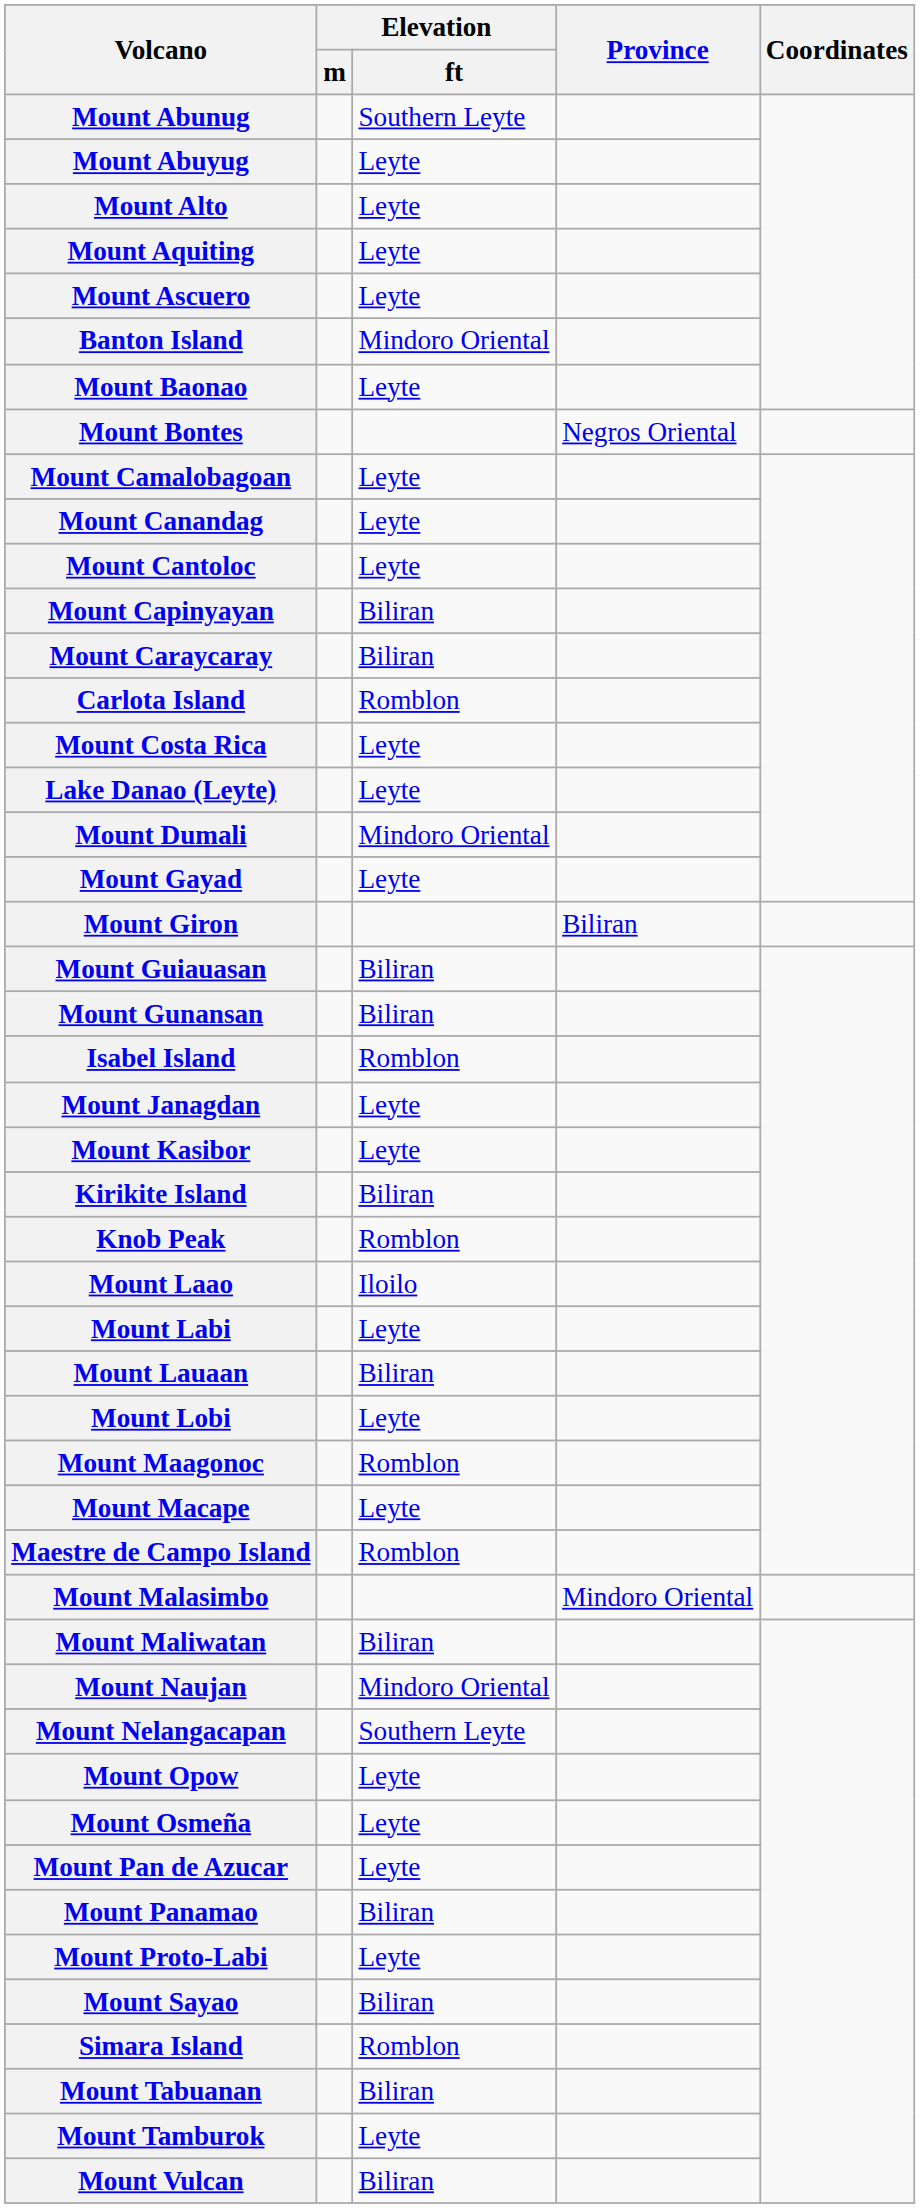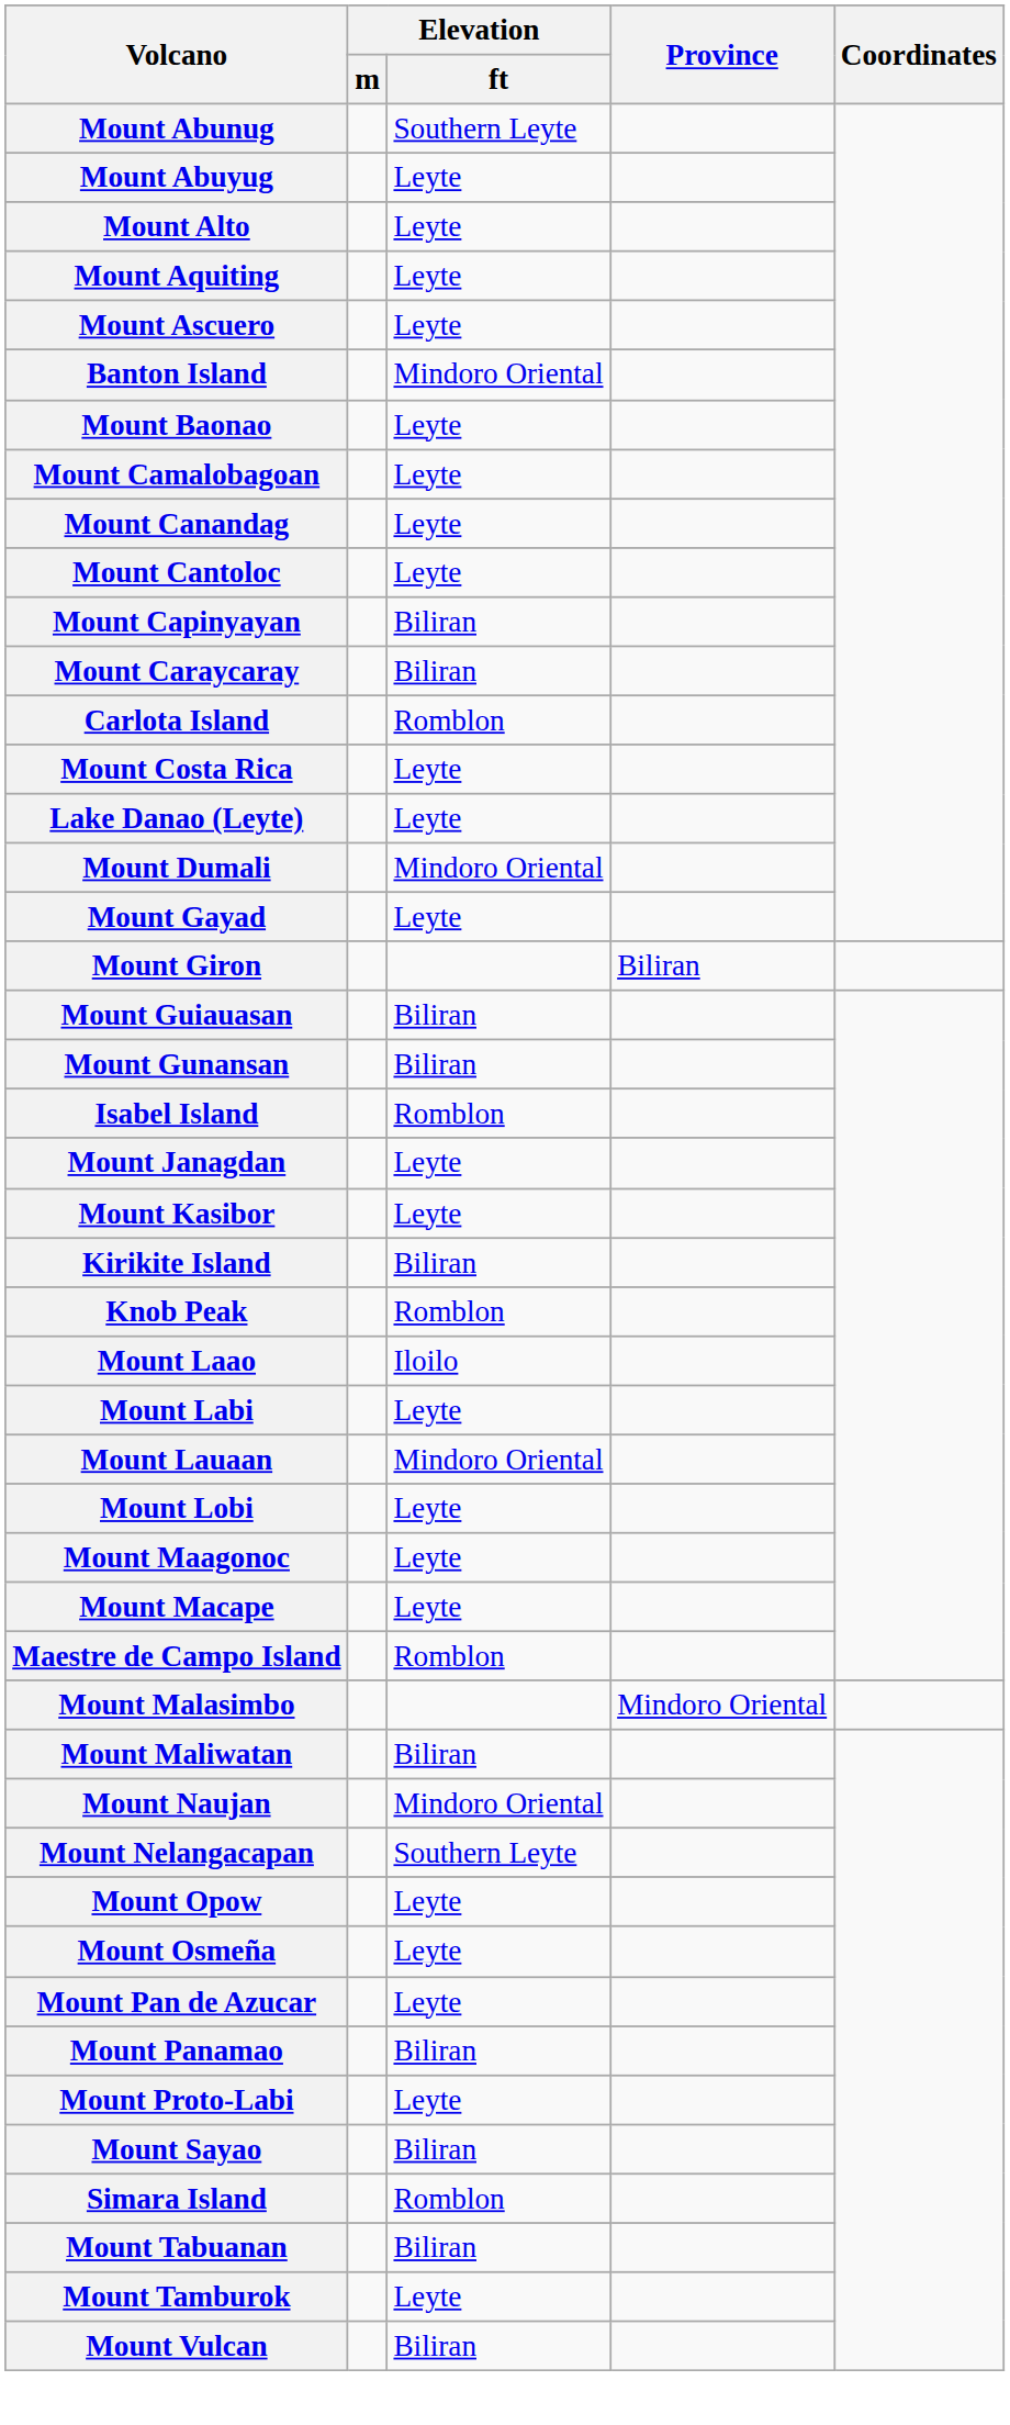 <table class="wikitable sortable plainrowheaders" style="font-size:95%;">
 <tr>
 <th scope="col" rowspan="2">Volcano</th>
 <th scope="col" colspan="2" class="unsortable">Elevation </th>
 <th scope="col" rowspan="2"><a href='#'>Province</a></th>
 <th scope="col" rowspan="2" data-sort-type="number">Coordinates</th>
 </tr>
 <tr>
 <th data-sort-type="number" style="NONE-right:0;">m</th>
 <th class="unsortable" data-sort-type="number" style="NONE-left:0;">ft</th>
 </tr>
 <tr>
 <th scope="row" data-sort-value="Abunug"><a href='#'>Mount Abunug</a></th>
 <td></td>
 <td><a href='#'>Southern Leyte</a></td>
 <td></td>
 </tr>
 <tr>
 <th scope="row" data-sort-value="Abuyug"><a href='#'>Mount Abuyug</a></th>
 <td></td>
 <td><a href='#'>Leyte</a></td>
 <td></td>
 </tr>
 <tr>
 <th scope="row" data-sort-value="Alto"><a href='#'>Mount Alto</a></th>
 <td></td>
 <td><a href='#'>Leyte</a></td>
 <td></td>
 </tr>
 <tr>
 <th scope="row" data-sort-value="Aquiting"><a href='#'>Mount Aquiting</a></th>
 <td></td>
 <td><a href='#'>Leyte</a></td>
 <td></td>
 </tr>
 <tr>
 <th scope="row" data-sort-value="Ascuero"><a href='#'>Mount Ascuero</a></th>
 <td></td>
 <td><a href='#'>Leyte</a></td>
 <td></td>
 </tr>
 <tr>
 <th scope="row"><a href='#'>Banton Island</a></th>
 <td></td>
 <td><a href='#'>Mindoro Oriental</a></td>
 <td></td>
 </tr>
 <tr>
 <th scope="row" data-sort-value="Baonao"><a href='#'>Mount Baonao</a></th>
 <td></td>
 <td><a href='#'>Leyte</a></td>
-<td></td>
-</tr>
-<tr>
-<th scope="row" data-sort-value="Bontes"><a href='#'>Mount Bontes</a></th>
-<td></td>
-<td></td>
-<td><a href='#'>Negros Oriental</a></td>
 <td></td>
 </tr>
 <tr>
 <th scope="row" data-sort-value="Camalobagoan"><a href='#'>Mount Camalobagoan</a></th>
 <td></td>
 <td><a href='#'>Leyte</a></td>
 <td></td>
 </tr>
 <tr>
 <th scope="row" data-sort-value="Canandag"><a href='#'>Mount Canandag</a></th>
 <td></td>
 <td><a href='#'>Leyte</a></td>
 <td></td>
 </tr>
 <tr>
 <th scope="row" data-sort-value="Cantoloc"><a href='#'>Mount Cantoloc</a></th>
 <td></td>
 <td><a href='#'>Leyte</a></td>
 <td></td>
 </tr>
 <tr>
 <th scope="row" data-sort-value="Capinyayan"><a href='#'>Mount Capinyayan</a></th>
 <td></td>
 <td><a href='#'>Biliran</a></td>
 <td></td>
 </tr>
 <tr>
 <th scope="row" data-sort-value="Caraycaray"><a href='#'>Mount Caraycaray</a></th>
 <td></td>
 <td><a href='#'>Biliran</a></td>
 <td></td>
 </tr>
 <tr>
 <th scope="row"><a href='#'>Carlota Island</a></th>
 <td></td>
 <td><a href='#'>Romblon</a></td>
 <td></td>
 </tr>
 <tr>
 <th scope="row" data-sort-value="Costa Rica"><a href='#'>Mount Costa Rica</a></th>
 <td></td>
 <td><a href='#'>Leyte</a></td>
 <td></td>
 </tr>
 <tr>
 <th scope="row"><a href='#'>Lake Danao (Leyte)</a></th>
 <td></td>
 <td><a href='#'>Leyte</a></td>
 <td></td>
 </tr>
 <tr>
 <th scope="row" data-sort-value="Dumali"><a href='#'>Mount Dumali</a></th>
 <td></td>
 <td><a href='#'>Mindoro Oriental</a></td>
 <td></td>
 </tr>
 <tr>
 <th scope="row" data-sort-value="Gayad"><a href='#'>Mount Gayad</a></th>
 <td></td>
 <td><a href='#'>Leyte</a></td>
 <td></td>
 </tr>
 <tr>
 <th scope="row" data-sort-value="Giron"><a href='#'>Mount Giron</a></th>
 <td></td>
 <td></td>
 <td><a href='#'>Biliran</a></td>
 <td></td>
 </tr>
 <tr>
 <th scope="row" data-sort-value="Guiauasan"><a href='#'>Mount Guiauasan</a></th>
 <td> </td>
 <td><a href='#'>Biliran</a></td>
 <td></td>
 </tr>
 <tr>
 <th scope="row" data-sort-value="Gunansan"><a href='#'>Mount Gunansan</a></th>
 <td></td>
 <td><a href='#'>Biliran</a></td>
 <td></td>
 </tr>
 <tr>
 <th scope="row"><a href='#'>Isabel Island</a></th>
 <td></td>
 <td><a href='#'>Romblon</a></td>
 <td></td>
 </tr>
 <tr>
 <th scope="row" data-sort-value="Janagdan"><a href='#'>Mount Janagdan</a></th>
 <td> </td>
 <td><a href='#'>Leyte</a></td>
 <td></td>
 </tr>
 <tr>
 <th scope="row" data-sort-value="Kasibor"><a href='#'>Mount Kasibor</a></th>
 <td></td>
 <td><a href='#'>Leyte</a></td>
 <td></td>
 </tr>
 <tr>
 <th scope="row"><a href='#'>Kirikite Island</a></th>
 <td></td>
 <td><a href='#'>Biliran</a></td>
 <td></td>
 </tr>
 <tr>
 <th scope="row"><a href='#'>Knob Peak</a></th>
 <td></td>
 <td><a href='#'>Romblon</a></td>
 <td></td>
 </tr>
 <tr>
 <th scope="row" data-sort-value="Laao"><a href='#'>Mount Laao</a></th>
 <td></td>
 <td><a href='#'>Iloilo</a></td>
 <td></td>
 </tr>
 <tr>
 <th scope="row" data-sort-value="Labi"><a href='#'>Mount Labi</a></th>
 <td> </td>
 <td><a href='#'>Leyte</a></td>
 <td></td>
 </tr>
 <tr>
 <th scope="row" data-sort-value="Lauaan"><a href='#'>Mount Lauaan</a></th>
 <td></td>
-<td><a href='#'>Biliran</a></td>
+<td><a href='#'>Mindoro Oriental</a></td>
 <td></td>
 </tr>
 <tr>
 <th scope="row" data-sort-value="Lobi"><a href='#'>Mount Lobi</a></th>
 <td> </td>
 <td><a href='#'>Leyte</a></td>
 <td></td>
 </tr>
 <tr>
 <th scope="row" data-sort-value="Maagonoc"><a href='#'>Mount Maagonoc</a></th>
 <td> </td>
-<td><a href='#'>Romblon</a></td>
+<td><a href='#'>Leyte</a></td>
 <td></td>
 </tr>
 <tr>
 <th scope="row" data-sort-value="Macape"><a href='#'>Mount Macape</a></th>
 <td></td>
 <td><a href='#'>Leyte</a></td>
 <td></td>
 </tr>
 <tr>
 <th scope="row"><a href='#'>Maestre de Campo Island</a></th>
 <td></td>
 <td><a href='#'>Romblon</a></td>
 <td></td>
 </tr>
 <tr>
 <th scope="row" data-sort-value="Malasimbo"><a href='#'>Mount Malasimbo</a></th>
 <td></td>
 <td></td>
 <td><a href='#'>Mindoro Oriental</a></td>
 <td></td>
 </tr>
 <tr>
 <th scope="row" data-sort-value="Maliwatan"><a href='#'>Mount Maliwatan</a></th>
 <td> </td>
 <td><a href='#'>Biliran</a></td>
 <td></td>
 </tr>
 <tr>
 <th scope="row" data-sort-value="Naujan"><a href='#'>Mount Naujan</a></th>
 <td> </td>
 <td><a href='#'>Mindoro Oriental</a></td>
 <td></td>
 </tr>
 <tr>
 <th scope="row" data-sort-value="Nelangacapan"><a href='#'>Mount Nelangacapan</a></th>
 <td></td>
 <td><a href='#'>Southern Leyte</a></td>
 <td></td>
 </tr>
 <tr>
 <th scope="row" data-sort-value="Opow"><a href='#'>Mount Opow</a></th>
 <td></td>
 <td><a href='#'>Leyte</a></td>
 <td></td>
 </tr>
 <tr>
 <th scope="row" data-sort-value="Osmeña"><a href='#'>Mount Osmeña</a></th>
 <td> </td>
 <td><a href='#'>Leyte</a></td>
 <td></td>
 </tr>
 <tr>
 <th scope="row"><a href='#'>Mount Pan de Azucar</a></th>
 <td></td>
 <td><a href='#'>Leyte</a></td>
 <td></td>
 </tr>
 <tr>
 <th scope="row" data-sort-value="Panamao"><a href='#'>Mount Panamao</a></th>
 <td></td>
 <td><a href='#'>Biliran</a></td>
 <td></td>
 </tr>
 <tr>
 <th scope="row" data-sort-value="Proto-Labi"><a href='#'>Mount Proto-Labi</a></th>
 <td> </td>
 <td><a href='#'>Leyte</a></td>
 <td></td>
 </tr>
 <tr>
 <th scope="row" data-sort-value="Sayao"><a href='#'>Mount Sayao</a></th>
 <td></td>
 <td><a href='#'>Biliran</a></td>
 <td></td>
 </tr>
 <tr>
 <th scope="row"><a href='#'>Simara Island</a></th>
 <td></td>
 <td><a href='#'>Romblon</a></td>
 <td></td>
 </tr>
 <tr>
 <th scope="row" data-sort-value="Tabuanan"><a href='#'>Mount Tabuanan</a></th>
 <td></td>
 <td><a href='#'>Biliran</a></td>
 <td></td>
 </tr>
 <tr>
 <th scope="row" data-sort-value="Tamburok"><a href='#'>Mount Tamburok</a></th>
 <td></td>
 <td><a href='#'>Leyte</a></td>
 <td></td>
 </tr>
 <tr>
 <th scope="row" data-sort-value="Vulcan"><a href='#'>Mount Vulcan</a></th>
 <td></td>
 <td><a href='#'>Biliran</a></td>
 <td></td>
 </tr>
 </table>
